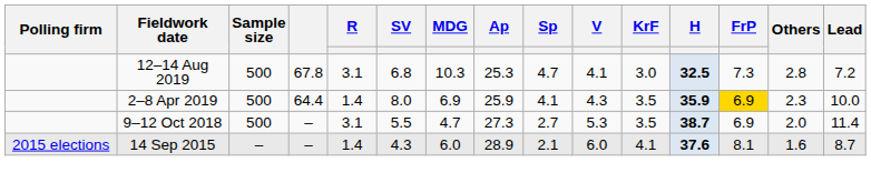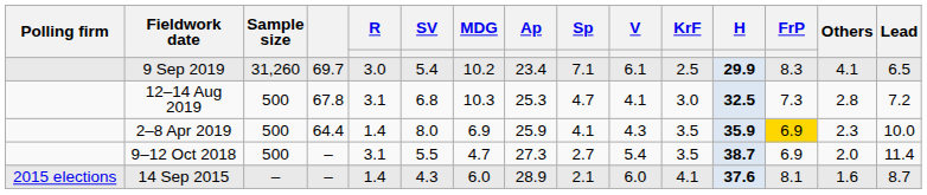 <table class="wikitable sortable" style="text-align:center;font-size:90%;line-height:14px;">
 <tr style="height:40px;">
 <th style="width:100px;" rowspan="2">Polling firm</th>
 <th style="width:100px;" rowspan="2">Fieldwork date</th>
 <th style="width:35px;" rowspan="2">Sample<br>size</th>
 <th style="width:30px;" rowspan="2"></th>
 <th class="unsortable" style="width:40px;"><a href='#'>R</a></th>
 <th class="unsortable" style="width:40px;"><a href='#'>SV</a></th>
 <th class="unsortable" style="width:40px;"><a href='#'>MDG</a></th>
 <th class="unsortable" style="width:40px;"><a href='#'>Ap</a></th>
 <th class="unsortable" style="width:40px;"><a href='#'>Sp</a></th>
 <th class="unsortable" style="width:40px;"><a href='#'>V</a></th>
 <th class="unsortable" style="width:40px;"><a href='#'>KrF</a></th>
 <th class="unsortable" style="width:40px;"><a href='#'>H</a></th>
 <th class="unsortable" style="width:40px;"><a href='#'>FrP</a></th>
 <th class="unsortable" style="width:30px;" rowspan="2">Others</th>
 <th style="width:30px;" rowspan="2">Lead</th>
 </tr>
 <tr>
 <th style="background:"></th>
 <th style="background:"></th>
 <th style="background:"></th>
 <th style="background:"></th>
 <th style="background:"></th>
 <th style="background:"></th>
 <th style="background:"></th>
 <th style="background:"></th>
 <th style="background:"></th>
+</tr>
+<tr style="background:#E9E9E9;">
+<td></td>
+<td data-sort-value="2019-09-09">9 Sep 2019</td>
+<td>31,260</td>
+<td>69.7</td>
+<td>3.0</td>
+<td>5.4</td>
+<td>10.2</td>
+<td>23.4</td>
+<td>7.1</td>
+<td>6.1</td>
+<td>2.5</td>
+<td style="background:#DCE7F3;"><strong>29.9</strong></td>
+<td>8.3</td>
+<td>4.1</td>
+<td style="background:">6.5</td>
 </tr>
 <tr>
 <td></td>
 <td data-sort-value="2019-04-22">12–14 Aug 2019</td>
 <td>500</td>
 <td>67.8</td>
 <td>3.1</td>
 <td>6.8</td>
 <td>10.3</td>
 <td>25.3</td>
 <td>4.7</td>
 <td>4.1</td>
 <td>3.0</td>
 <td style="background:#DCE7F3;"><strong>32.5</strong></td>
 <td>7.3</td>
 <td>2.8</td>
 <td style="background:">7.2</td>
 </tr>
 <tr>
 <td></td>
 <td data-sort-value="2019-04-08">2–8 Apr 2019</td>
 <td>500</td>
 <td>64.4</td>
 <td>1.4</td>
 <td>8.0</td>
 <td>6.9</td>
 <td>25.9</td>
 <td>4.1</td>
 <td>4.3</td>
 <td>3.5</td>
 <td style="background:#DCE7F3;"><strong>35.9</strong></td>
 <td style="background: gold;">6.9</td>
 <td>2.3</td>
 <td style="background:">10.0</td>
 </tr>
 <tr>
 <td></td>
 <td data-sort-value="2018-10-12">9–12 Oct 2018</td>
 <td>500</td>
 <td>–</td>
 <td>3.1</td>
 <td>5.5</td>
 <td>4.7</td>
 <td>27.3</td>
 <td>2.7</td>
-<td>5.3</td>
+<td>5.4</td>
 <td>3.5</td>
 <td style="background:#DCE7F3;"><strong>38.7</strong></td>
 <td>6.9</td>
 <td>2.0</td>
 <td style="background:">11.4</td>
 </tr>
 <tr style="background:#E9E9E9;">
 <td><a href='#'>2015 elections</a></td>
 <td data-sort-value="2015-09-14">14 Sep 2015</td>
 <td>–</td>
 <td>–</td>
 <td>1.4</td>
 <td>4.3</td>
 <td>6.0</td>
 <td>28.9</td>
 <td>2.1</td>
 <td>6.0</td>
 <td>4.1</td>
 <td style="background:#DCE7F3;"><strong>37.6</strong></td>
 <td>8.1</td>
 <td>1.6</td>
 <td style="background:">8.7</td>
 </tr>
 </table>
